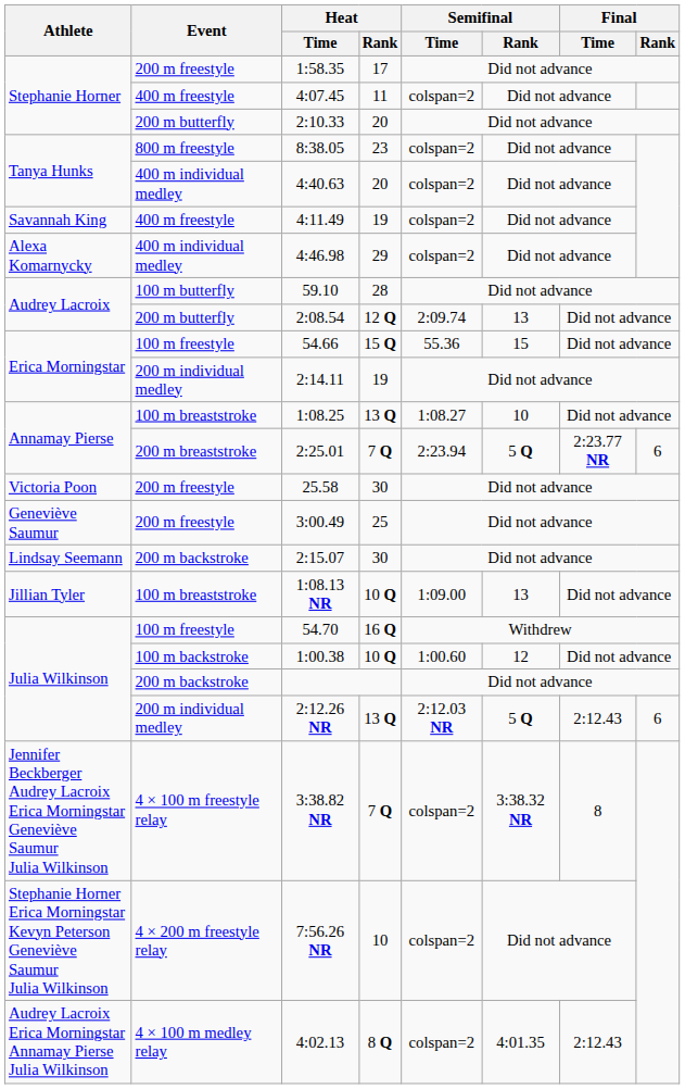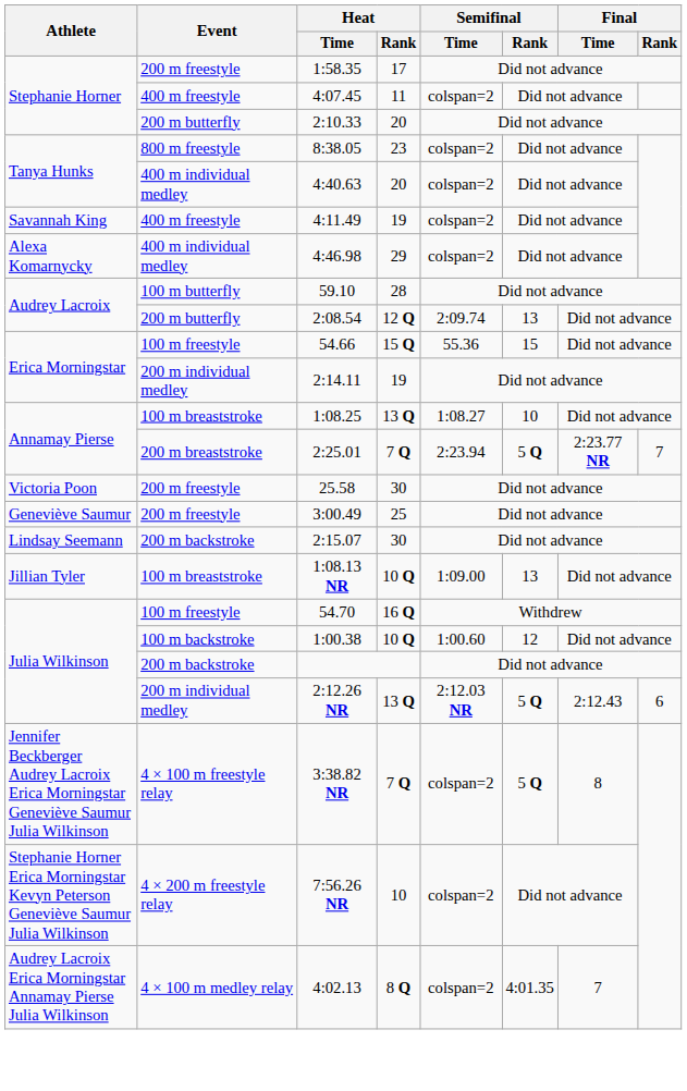 <table class=wikitable style="font-size:90%">
 <tr>
 <th rowspan="2">Athlete</th>
 <th rowspan="2">Event</th>
 <th colspan="2">Heat</th>
 <th colspan="2">Semifinal</th>
 <th colspan="2">Final</th>
 </tr>
 <tr style="font-size:95%">
 <th>Time</th>
 <th>Rank</th>
 <th>Time</th>
 <th>Rank</th>
 <th>Time</th>
 <th>Rank</th>
 </tr>
 <tr align=center>
 <td align=left rowspan=3><a href='#'>Stephanie Horner</a></td>
 <td align=left><a href='#'>200 m freestyle</a></td>
 <td>1:58.35</td>
 <td>17</td>
 <td colspan=4>Did not advance</td>
 </tr>
 <tr align=center>
 <td align=left><a href='#'>400 m freestyle</a></td>
 <td>4:07.45</td>
 <td>11</td>
 <td>colspan=2 </td>
 <td colspan=2>Did not advance</td>
 </tr>
 <tr align=center>
 <td align=left><a href='#'>200 m butterfly</a></td>
 <td>2:10.33</td>
 <td>20</td>
 <td colspan=4>Did not advance</td>
 </tr>
 <tr align=center>
 <td align=left rowspan=2><a href='#'>Tanya Hunks</a></td>
 <td align=left><a href='#'>800 m freestyle</a></td>
 <td>8:38.05</td>
 <td>23</td>
 <td>colspan=2 </td>
 <td colspan=2>Did not advance</td>
 </tr>
 <tr align=center>
 <td align=left><a href='#'>400 m individual medley</a></td>
 <td>4:40.63</td>
 <td>20</td>
 <td>colspan=2 </td>
 <td colspan=2>Did not advance</td>
 </tr>
 <tr align=center>
 <td align=left><a href='#'>Savannah King</a></td>
 <td align=left><a href='#'>400 m freestyle</a></td>
 <td>4:11.49</td>
 <td>19</td>
 <td>colspan=2 </td>
 <td colspan=2>Did not advance</td>
 </tr>
 <tr align=center>
 <td align=left><a href='#'>Alexa Komarnycky</a></td>
 <td align=left><a href='#'>400 m individual medley</a></td>
 <td>4:46.98</td>
 <td>29</td>
 <td>colspan=2 </td>
 <td colspan=2>Did not advance</td>
 </tr>
 <tr align=center>
 <td align=left rowspan=2><a href='#'>Audrey Lacroix</a></td>
 <td align=left><a href='#'>100 m butterfly</a></td>
 <td>59.10</td>
 <td>28</td>
 <td colspan=4>Did not advance</td>
 </tr>
 <tr align=center>
 <td align=left><a href='#'>200 m butterfly</a></td>
 <td>2:08.54</td>
 <td>12 <strong>Q</strong></td>
 <td>2:09.74</td>
 <td>13</td>
 <td colspan=2>Did not advance</td>
 </tr>
 <tr align=center>
 <td align=left rowspan=2><a href='#'>Erica Morningstar</a></td>
 <td align=left><a href='#'>100 m freestyle</a></td>
 <td>54.66</td>
 <td>15 <strong>Q</strong></td>
 <td>55.36</td>
 <td>15</td>
 <td colspan=2>Did not advance</td>
 </tr>
 <tr align=center>
 <td align=left><a href='#'>200 m individual medley</a></td>
 <td>2:14.11</td>
 <td>19</td>
 <td colspan=4>Did not advance</td>
 </tr>
 <tr align=center>
 <td align=left rowspan=2><a href='#'>Annamay Pierse</a></td>
 <td align=left><a href='#'>100 m breaststroke</a></td>
 <td>1:08.25</td>
 <td>13 <strong>Q</strong></td>
 <td>1:08.27</td>
 <td>10</td>
 <td colspan=2>Did not advance</td>
 </tr>
 <tr align=center>
 <td align=left><a href='#'>200 m breaststroke</a></td>
 <td>2:25.01</td>
 <td>7 <strong>Q</strong></td>
 <td>2:23.94</td>
 <td>5 <strong>Q</strong></td>
 <td>2:23.77 <strong><a href='#'>NR</a></strong></td>
-<td>6</td>
+<td>7</td>
 </tr>
 <tr align=center>
 <td align=left><a href='#'>Victoria Poon</a></td>
 <td align=left><a href='#'>200 m freestyle</a></td>
 <td>25.58</td>
 <td>30</td>
 <td colspan=4>Did not advance</td>
 </tr>
 <tr align=center>
 <td align=left><a href='#'>Geneviève Saumur</a></td>
 <td align=left><a href='#'>200 m freestyle</a></td>
 <td>3:00.49</td>
 <td>25</td>
 <td colspan=4>Did not advance</td>
 </tr>
 <tr align=center>
 <td align=left><a href='#'>Lindsay Seemann</a></td>
 <td align=left><a href='#'>200 m backstroke</a></td>
 <td>2:15.07</td>
 <td>30</td>
 <td colspan=4>Did not advance</td>
 </tr>
 <tr align=center>
 <td align=left><a href='#'>Jillian Tyler</a></td>
 <td align=left><a href='#'>100 m breaststroke</a></td>
 <td>1:08.13 <strong><a href='#'>NR</a></strong></td>
 <td>10 <strong>Q</strong></td>
 <td>1:09.00</td>
 <td>13</td>
 <td colspan=2>Did not advance</td>
 </tr>
 <tr align=center>
 <td align=left rowspan=4><a href='#'>Julia Wilkinson</a></td>
 <td align=left><a href='#'>100 m freestyle</a></td>
 <td>54.70</td>
 <td>16 <strong>Q</strong></td>
 <td colspan=4>Withdrew</td>
 </tr>
 <tr align=center>
 <td align=left><a href='#'>100 m backstroke</a></td>
 <td>1:00.38</td>
 <td>10 <strong>Q</strong></td>
 <td>1:00.60</td>
 <td>12</td>
 <td colspan=2>Did not advance</td>
 </tr>
 <tr align=center>
 <td align=left><a href='#'>200 m backstroke</a></td>
 <td colspan=2></td>
 <td colspan=4>Did not advance</td>
 </tr>
 <tr align=center>
 <td align=left><a href='#'>200 m individual medley</a></td>
 <td>2:12.26 <strong><a href='#'>NR</a></strong></td>
 <td>13 <strong>Q</strong></td>
 <td>2:12.03 <strong><a href='#'>NR</a></strong></td>
 <td>5 <strong>Q</strong></td>
 <td>2:12.43</td>
 <td>6</td>
 </tr>
 <tr align=center>
 <td align=left><a href='#'>Jennifer Beckberger</a><br><a href='#'>Audrey Lacroix</a><br><a href='#'>Erica Morningstar</a><br><a href='#'>Geneviève Saumur</a><br><a href='#'>Julia Wilkinson</a></td>
 <td align=left><a href='#'>4 × 100 m freestyle relay</a></td>
 <td>3:38.82 <strong><a href='#'>NR</a></strong></td>
 <td>7 <strong>Q</strong></td>
 <td>colspan=2 </td>
-<td>3:38.32 <strong><a href='#'>NR</a></strong></td>
+<td>5 <strong>Q</strong></td>
 <td>8</td>
 </tr>
 <tr align=center>
 <td align=left><a href='#'>Stephanie Horner</a><br><a href='#'>Erica Morningstar</a><br><a href='#'>Kevyn Peterson</a><br><a href='#'>Geneviève Saumur</a><br><a href='#'>Julia Wilkinson</a></td>
 <td align=left><a href='#'>4 × 200 m freestyle relay</a></td>
 <td>7:56.26 <strong><a href='#'>NR</a></strong></td>
 <td>10</td>
 <td>colspan=2 </td>
 <td colspan=2>Did not advance</td>
 </tr>
 <tr align=center>
 <td align=left><a href='#'>Audrey Lacroix</a><br><a href='#'>Erica Morningstar</a><br><a href='#'>Annamay Pierse</a><br><a href='#'>Julia Wilkinson</a></td>
 <td align=left><a href='#'>4 × 100 m medley relay</a></td>
 <td>4:02.13</td>
 <td>8 <strong>Q</strong></td>
 <td>colspan=2 </td>
 <td>4:01.35</td>
-<td>2:12.43</td>
+<td>7</td>
 </tr>
 </table>
